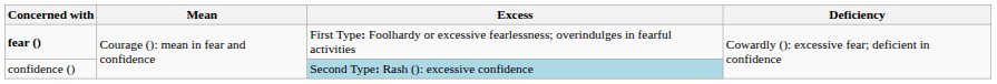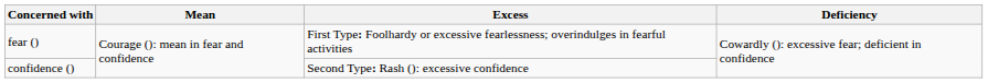 <table class="wikitable">
 <tr>
 <th>Concerned with</th>
 <th>Mean</th>
 <th>Excess</th>
 <th>Deficiency</th>
 </tr>
 <tr>
-<td><strong>fear ()</strong></td>
+<td>fear ()</td>
 <td rowspan="2">Courage (): mean in fear and confidence</td>
 <td>First Type<strong>:</strong> Foolhardy or excessive fearlessness; overindulges in fearful activities</td>
 <td rowspan="2">Cowardly (): excessive fear; deficient in confidence</td>
 </tr>
 <tr>
 <td>confidence ()</td>
-<td style="background: lightblue;">Second Type<strong>:</strong> Rash (): excessive confidence</td>
+<td>Second Type<strong>:</strong> Rash (): excessive confidence</td>
 </tr>
 </table>
